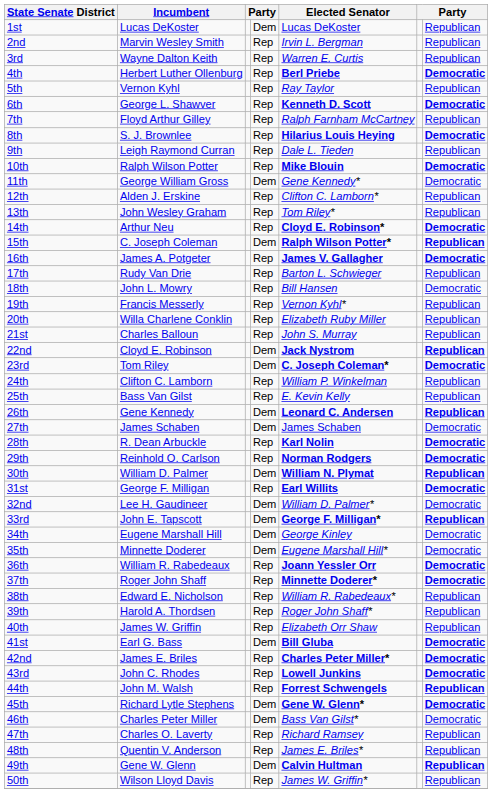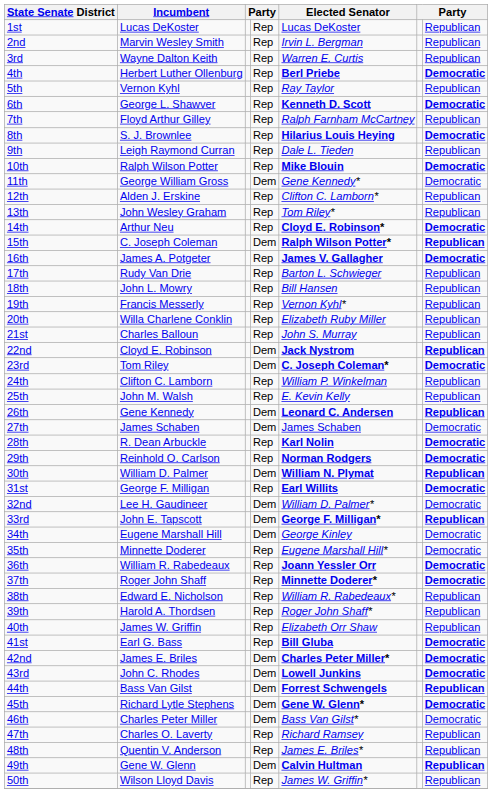 <table class="sortable wikitable" style="font-size:95%;line-height:14px;">
 <tr>
 <th class="unsortable"><a href='#'>State Senate</a> District</th>
 <th class="unsortable"><a href='#'>Incumbent</a></th>
 <th colspan="2">Party</th>
 <th class="unsortable">Elected Senator</th>
 <th colspan="2">Party</th>
 </tr>
 <tr>
 <td><a href='#'>1st</a></td>
 <td><a href='#'>Lucas DeKoster</a></td>
 <td style="background:"></td>
-<td>Dem</td>
+<td>Rep</td>
 <td><a href='#'>Lucas DeKoster</a></td>
 <td style="background:"></td>
 <td><a href='#'>Republican</a></td>
 </tr>
 <tr>
 <td><a href='#'>2nd</a></td>
 <td><a href='#'>Marvin Wesley Smith</a></td>
 <td style="background:"></td>
 <td>Rep</td>
 <td><em><a href='#'>Irvin L. Bergman</a></em></td>
 <td style="background:"></td>
 <td><a href='#'>Republican</a></td>
 </tr>
 <tr>
 <td><a href='#'>3rd</a></td>
 <td><a href='#'>Wayne Dalton Keith</a></td>
 <td style="background:"></td>
 <td>Rep</td>
 <td><em><a href='#'>Warren E. Curtis</a></em></td>
 <td style="background:"></td>
 <td><a href='#'>Republican</a></td>
 </tr>
 <tr>
 <td><a href='#'>4th</a></td>
 <td><a href='#'>Herbert Luther Ollenburg</a></td>
 <td style="background:"></td>
 <td>Rep</td>
 <td><strong><a href='#'>Berl Priebe</a></strong></td>
 <td style="background:"></td>
 <td><strong><a href='#'>Democratic</a></strong></td>
 </tr>
 <tr>
 <td><a href='#'>5th</a></td>
 <td><a href='#'>Vernon Kyhl</a></td>
 <td style="background:"></td>
 <td>Rep</td>
 <td><em><a href='#'>Ray Taylor</a></em></td>
 <td style="background:"></td>
 <td><a href='#'>Republican</a></td>
 </tr>
 <tr>
 <td><a href='#'>6th</a></td>
 <td><a href='#'>George L. Shawver</a></td>
 <td style="background:"></td>
 <td>Rep</td>
 <td><strong><a href='#'>Kenneth D. Scott</a></strong></td>
 <td style="background:"></td>
 <td><strong><a href='#'>Democratic</a></strong></td>
 </tr>
 <tr>
 <td><a href='#'>7th</a></td>
 <td><a href='#'>Floyd Arthur Gilley</a></td>
 <td style="background:"></td>
 <td>Rep</td>
 <td><em><a href='#'>Ralph Farnham McCartney</a></em></td>
 <td style="background:"></td>
 <td><a href='#'>Republican</a></td>
 </tr>
 <tr>
 <td><a href='#'>8th</a></td>
 <td><a href='#'>S. J. Brownlee</a></td>
 <td style="background:"></td>
 <td>Rep</td>
 <td><strong><a href='#'>Hilarius Louis Heying</a></strong></td>
 <td style="background:"></td>
 <td><strong><a href='#'>Democratic</a></strong></td>
 </tr>
 <tr>
 <td><a href='#'>9th</a></td>
 <td><a href='#'>Leigh Raymond Curran</a></td>
 <td style="background:"></td>
 <td>Rep</td>
 <td><em><a href='#'>Dale L. Tieden</a></em></td>
 <td style="background:"></td>
 <td><a href='#'>Republican</a></td>
 </tr>
 <tr>
 <td><a href='#'>10th</a></td>
 <td><a href='#'>Ralph Wilson Potter</a></td>
 <td style="background:"></td>
 <td>Rep</td>
 <td><strong><a href='#'>Mike Blouin</a></strong></td>
 <td style="background:"></td>
 <td><strong><a href='#'>Democratic</a></strong></td>
 </tr>
 <tr>
 <td><a href='#'>11th</a></td>
 <td><a href='#'>George William Gross</a></td>
 <td style="background:"></td>
 <td>Dem</td>
 <td><em><a href='#'>Gene Kennedy</a>*</em></td>
 <td style="background:"></td>
 <td><a href='#'>Democratic</a></td>
 </tr>
 <tr>
 <td><a href='#'>12th</a></td>
 <td><a href='#'>Alden J. Erskine</a></td>
 <td style="background:"></td>
 <td>Rep</td>
 <td><em><a href='#'>Clifton C. Lamborn</a>*</em></td>
 <td style="background:"></td>
 <td><a href='#'>Republican</a></td>
 </tr>
 <tr>
 <td><a href='#'>13th</a></td>
 <td><a href='#'>John Wesley Graham</a></td>
 <td style="background:"></td>
 <td>Rep</td>
 <td><em><a href='#'>Tom Riley</a>*</em></td>
 <td style="background:"></td>
 <td><a href='#'>Republican</a></td>
 </tr>
 <tr>
 <td><a href='#'>14th</a></td>
 <td><a href='#'>Arthur Neu</a></td>
 <td style="background:"></td>
 <td>Rep</td>
 <td><strong><a href='#'>Cloyd E. Robinson</a>*</strong></td>
 <td style="background:"></td>
 <td><strong><a href='#'>Democratic</a></strong></td>
 </tr>
 <tr>
 <td><a href='#'>15th</a></td>
 <td><a href='#'>C. Joseph Coleman</a></td>
 <td style="background:"></td>
 <td>Dem</td>
 <td><strong><a href='#'>Ralph Wilson Potter</a>*</strong></td>
 <td style="background:"></td>
 <td><strong><a href='#'>Republican</a></strong></td>
 </tr>
 <tr>
 <td><a href='#'>16th</a></td>
 <td><a href='#'>James A. Potgeter</a></td>
 <td style="background:"></td>
 <td>Rep</td>
 <td><strong><a href='#'>James V. Gallagher</a></strong></td>
 <td style="background:"></td>
 <td><strong><a href='#'>Democratic</a></strong></td>
 </tr>
 <tr>
 <td><a href='#'>17th</a></td>
 <td><a href='#'>Rudy Van Drie</a></td>
 <td style="background:"></td>
 <td>Rep</td>
 <td><em><a href='#'>Barton L. Schwieger</a></em></td>
 <td style="background:"></td>
 <td><a href='#'>Republican</a></td>
 </tr>
 <tr>
 <td><a href='#'>18th</a></td>
 <td><a href='#'>John L. Mowry</a></td>
 <td style="background:"></td>
 <td>Rep</td>
 <td><em><a href='#'>Bill Hansen</a></em></td>
 <td style="background:"></td>
-<td><a href='#'>Democratic</a></td>
+<td><a href='#'>Republican</a></td>
 </tr>
 <tr>
 <td><a href='#'>19th</a></td>
 <td><a href='#'>Francis Messerly</a></td>
 <td style="background:"></td>
 <td>Rep</td>
 <td><em><a href='#'>Vernon Kyhl</a>*</em></td>
 <td style="background:"></td>
 <td><a href='#'>Republican</a></td>
 </tr>
 <tr>
 <td><a href='#'>20th</a></td>
 <td><a href='#'>Willa Charlene Conklin</a></td>
 <td style="background:"></td>
 <td>Rep</td>
 <td><em><a href='#'>Elizabeth Ruby Miller</a></em></td>
 <td style="background:"></td>
 <td><a href='#'>Republican</a></td>
 </tr>
 <tr>
 <td><a href='#'>21st</a></td>
 <td><a href='#'>Charles Balloun</a></td>
 <td style="background:"></td>
 <td>Rep</td>
 <td><em><a href='#'>John S. Murray</a></em></td>
 <td style="background:"></td>
 <td><a href='#'>Republican</a></td>
 </tr>
 <tr>
 <td><a href='#'>22nd</a></td>
 <td><a href='#'>Cloyd E. Robinson</a></td>
 <td style="background:"></td>
 <td>Dem</td>
 <td><strong><a href='#'>Jack Nystrom</a></strong></td>
 <td style="background:"></td>
 <td><strong><a href='#'>Republican</a></strong></td>
 </tr>
 <tr>
 <td><a href='#'>23rd</a></td>
 <td><a href='#'>Tom Riley</a></td>
 <td style="background:"></td>
 <td>Dem</td>
 <td><strong><a href='#'>C. Joseph Coleman</a>*</strong></td>
 <td style="background:"></td>
 <td><strong><a href='#'>Democratic</a></strong></td>
 </tr>
 <tr>
 <td><a href='#'>24th</a></td>
 <td><a href='#'>Clifton C. Lamborn</a></td>
 <td style="background:"></td>
 <td>Rep</td>
 <td><em><a href='#'>William P. Winkelman</a></em></td>
 <td style="background:"></td>
 <td><a href='#'>Republican</a></td>
 </tr>
 <tr>
 <td><a href='#'>25th</a></td>
-<td><a href='#'>Bass Van Gilst</a></td>
+<td><a href='#'>John M. Walsh</a></td>
 <td style="background:"></td>
 <td>Rep</td>
 <td><em><a href='#'>E. Kevin Kelly</a></em></td>
 <td style="background:"></td>
 <td><a href='#'>Republican</a></td>
 </tr>
 <tr>
 <td><a href='#'>26th</a></td>
 <td><a href='#'>Gene Kennedy</a></td>
 <td style="background:"></td>
 <td>Dem</td>
 <td><strong><a href='#'>Leonard C. Andersen</a></strong></td>
 <td style="background:"></td>
 <td><strong><a href='#'>Republican</a></strong></td>
 </tr>
 <tr>
 <td><a href='#'>27th</a></td>
 <td><a href='#'>James Schaben</a></td>
 <td style="background:"></td>
 <td>Dem</td>
 <td><a href='#'>James Schaben</a></td>
 <td style="background:"></td>
 <td><a href='#'>Democratic</a></td>
 </tr>
 <tr>
 <td><a href='#'>28th</a></td>
 <td><a href='#'>R. Dean Arbuckle</a></td>
 <td style="background:"></td>
 <td>Rep</td>
 <td><strong><a href='#'>Karl Nolin</a></strong></td>
 <td style="background:"></td>
 <td><strong><a href='#'>Democratic</a></strong></td>
 </tr>
 <tr>
 <td><a href='#'>29th</a></td>
 <td><a href='#'>Reinhold O. Carlson</a></td>
 <td style="background:"></td>
 <td>Rep</td>
 <td><strong><a href='#'>Norman Rodgers</a></strong></td>
 <td style="background:"></td>
 <td><strong><a href='#'>Democratic</a></strong></td>
 </tr>
 <tr>
 <td><a href='#'>30th</a></td>
 <td><a href='#'>William D. Palmer</a></td>
 <td style="background:"></td>
 <td>Dem</td>
 <td><strong><a href='#'>William N. Plymat</a></strong></td>
 <td style="background:"></td>
 <td><strong><a href='#'>Republican</a></strong></td>
 </tr>
 <tr>
 <td><a href='#'>31st</a></td>
 <td><a href='#'>George F. Milligan</a></td>
 <td style="background:"></td>
 <td>Rep</td>
 <td><strong><a href='#'>Earl Willits</a></strong></td>
 <td style="background:"></td>
 <td><strong><a href='#'>Democratic</a></strong></td>
 </tr>
 <tr>
 <td><a href='#'>32nd</a></td>
 <td><a href='#'>Lee H. Gaudineer</a></td>
 <td style="background:"></td>
 <td>Dem</td>
 <td><em><a href='#'>William D. Palmer</a>*</em></td>
 <td style="background:"></td>
 <td><a href='#'>Democratic</a></td>
 </tr>
 <tr>
 <td><a href='#'>33rd</a></td>
 <td><a href='#'>John E. Tapscott</a></td>
 <td style="background:"></td>
 <td>Dem</td>
 <td><strong><a href='#'>George F. Milligan</a>*</strong></td>
 <td style="background:"></td>
 <td><strong><a href='#'>Republican</a></strong></td>
 </tr>
 <tr>
 <td><a href='#'>34th</a></td>
 <td><a href='#'>Eugene Marshall Hill</a></td>
 <td style="background:"></td>
 <td>Dem</td>
 <td><em><a href='#'>George Kinley</a></em></td>
 <td style="background:"></td>
 <td><a href='#'>Democratic</a></td>
 </tr>
 <tr>
 <td><a href='#'>35th</a></td>
 <td><a href='#'>Minnette Doderer</a></td>
 <td style="background:"></td>
-<td>Dem</td>
+<td>Rep</td>
 <td><em><a href='#'>Eugene Marshall Hill</a>*</em></td>
 <td style="background:"></td>
 <td><a href='#'>Democratic</a></td>
 </tr>
 <tr>
 <td><a href='#'>36th</a></td>
 <td><a href='#'>William R. Rabedeaux</a></td>
 <td style="background:"></td>
 <td>Rep</td>
 <td><strong><a href='#'>Joann Yessler Orr</a></strong></td>
 <td style="background:"></td>
 <td><strong><a href='#'>Democratic</a></strong></td>
 </tr>
 <tr>
 <td><a href='#'>37th</a></td>
 <td><a href='#'>Roger John Shaff</a></td>
 <td style="background:"></td>
 <td>Rep</td>
 <td><strong><a href='#'>Minnette Doderer</a>*</strong></td>
 <td style="background:"></td>
 <td><strong><a href='#'>Democratic</a></strong></td>
 </tr>
 <tr>
 <td><a href='#'>38th</a></td>
 <td><a href='#'>Edward E. Nicholson</a></td>
 <td style="background:"></td>
 <td>Rep</td>
 <td><em><a href='#'>William R. Rabedeaux</a>*</em></td>
 <td style="background:"></td>
 <td><a href='#'>Republican</a></td>
 </tr>
 <tr>
 <td><a href='#'>39th</a></td>
 <td><a href='#'>Harold A. Thordsen</a></td>
 <td style="background:"></td>
 <td>Rep</td>
 <td><em><a href='#'>Roger John Shaff</a>*</em></td>
 <td style="background:"></td>
 <td><a href='#'>Republican</a></td>
 </tr>
 <tr>
 <td><a href='#'>40th</a></td>
 <td><a href='#'>James W. Griffin</a></td>
 <td style="background:"></td>
 <td>Rep</td>
 <td><em><a href='#'>Elizabeth Orr Shaw</a></em></td>
 <td style="background:"></td>
 <td><a href='#'>Republican</a></td>
 </tr>
 <tr>
 <td><a href='#'>41st</a></td>
 <td><a href='#'>Earl G. Bass</a></td>
 <td style="background:"></td>
-<td>Dem</td>
+<td>Rep</td>
 <td><strong><a href='#'>Bill Gluba</a></strong></td>
 <td style="background:"></td>
 <td><strong><a href='#'>Democratic</a></strong></td>
 </tr>
 <tr>
 <td><a href='#'>42nd</a></td>
 <td><a href='#'>James E. Briles</a></td>
 <td style="background:"></td>
-<td>Rep</td>
+<td>Dem</td>
 <td><strong><a href='#'>Charles Peter Miller</a>*</strong></td>
 <td style="background:"></td>
 <td><strong><a href='#'>Democratic</a></strong></td>
 </tr>
 <tr>
 <td><a href='#'>43rd</a></td>
 <td><a href='#'>John C. Rhodes</a></td>
 <td style="background:"></td>
-<td>Rep</td>
+<td>Dem</td>
 <td><strong><a href='#'>Lowell Junkins</a></strong></td>
 <td style="background:"></td>
 <td><strong><a href='#'>Democratic</a></strong></td>
 </tr>
 <tr>
 <td><a href='#'>44th</a></td>
-<td><a href='#'>John M. Walsh</a></td>
+<td><a href='#'>Bass Van Gilst</a></td>
 <td style="background:"></td>
-<td>Rep</td>
+<td>Dem</td>
 <td><strong><a href='#'>Forrest Schwengels</a></strong></td>
 <td style="background:"></td>
 <td><strong><a href='#'>Republican</a></strong></td>
 </tr>
 <tr>
 <td><a href='#'>45th</a></td>
 <td><a href='#'>Richard Lytle Stephens</a></td>
 <td style="background:"></td>
 <td>Dem</td>
 <td><strong><a href='#'>Gene W. Glenn</a>*</strong></td>
 <td style="background:"></td>
 <td><strong><a href='#'>Democratic</a></strong></td>
 </tr>
 <tr>
 <td><a href='#'>46th</a></td>
 <td><a href='#'>Charles Peter Miller</a></td>
 <td style="background:"></td>
 <td>Dem</td>
 <td><em><a href='#'>Bass Van Gilst</a>*</em></td>
 <td style="background:"></td>
 <td><a href='#'>Democratic</a></td>
 </tr>
 <tr>
 <td><a href='#'>47th</a></td>
 <td><a href='#'>Charles O. Laverty</a></td>
 <td style="background:"></td>
 <td>Rep</td>
 <td><em><a href='#'>Richard Ramsey</a></em></td>
 <td style="background:"></td>
 <td><a href='#'>Republican</a></td>
 </tr>
 <tr>
 <td><a href='#'>48th</a></td>
 <td><a href='#'>Quentin V. Anderson</a></td>
 <td style="background:"></td>
 <td>Rep</td>
 <td><em><a href='#'>James E. Briles</a>*</em></td>
 <td style="background:"></td>
 <td><a href='#'>Republican</a></td>
 </tr>
 <tr>
 <td><a href='#'>49th</a></td>
 <td><a href='#'>Gene W. Glenn</a></td>
 <td style="background:"></td>
 <td>Dem</td>
 <td><strong><a href='#'>Calvin Hultman</a></strong></td>
 <td style="background:"></td>
 <td><strong><a href='#'>Republican</a></strong></td>
 </tr>
 <tr>
 <td><a href='#'>50th</a></td>
 <td><a href='#'>Wilson Lloyd Davis</a></td>
 <td style="background:"></td>
 <td>Rep</td>
 <td><em><a href='#'>James W. Griffin</a>*</em></td>
 <td style="background:"></td>
 <td><a href='#'>Republican</a></td>
 </tr>
 <tr>
 </tr>
 </table>
